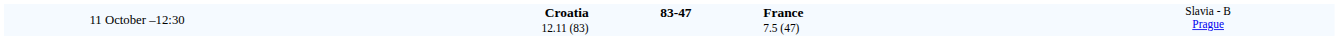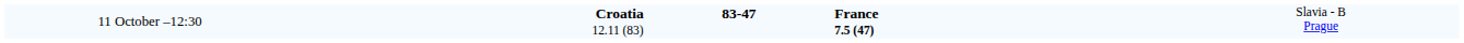 <table style="width: 100%; background:#F5FAFF;" cellspacing="0">
 <tr>
 <td style=font-size:95% align=center rowspan=3 width=20%>11 October –12:30</td>
 </tr>
 <tr>
 <td width=24% align=right><strong>Croatia</strong></td>
 <td align=center width=13%><strong>83-47</strong></td>
 <td width=24%><strong>France</strong></td>
 <td style=font-size:85% rowspan=3 valign=top align=center>Slavia - B <br><a href='#'>Prague</a></td>
 </tr>
 <tr style=font-size:85%>
 <td align=right>12.11 (83)</td>
 <td align=center></td>
-<td>7.5 (47)</td>
+<td><strong>7.5 (47)</strong></td>
 </tr>
 </table>
